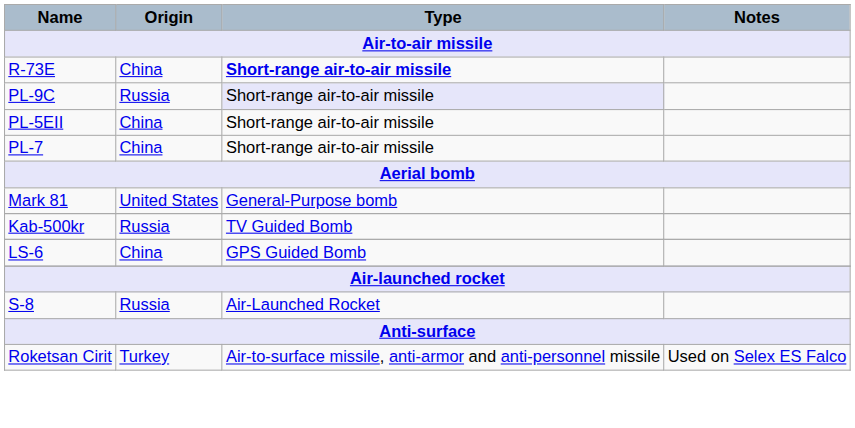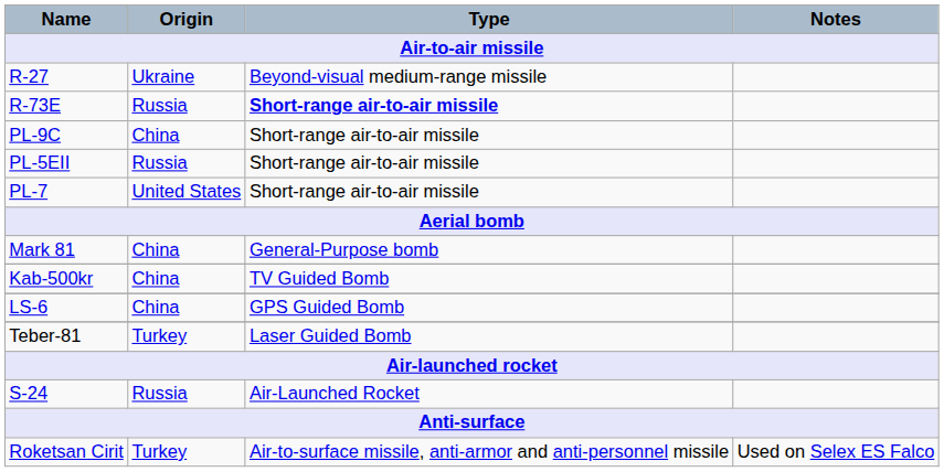 <table class="wikitable">
 <tr>
 <th style="text-align:center; background:#aabccc;">Name</th>
 <th style="text-align: center; background:#aabccc;">Origin</th>
 <th style="text-align:l center; background:#aabccc;">Type</th>
 <th style="text-align: center; background:#aabccc;">Notes</th>
 </tr>
 <tr>
 <th colspan="4" style="align: center; background: lavender;"><a href='#'>Air-to-air missile</a></th>
 </tr>
 <tr>
+<td><a href='#'>R-27</a></td>
+<td><a href='#'>Ukraine</a></td>
+<td><a href='#'>Beyond-visual</a> medium-range missile</td>
+<td></td>
+</tr>
+<tr>
 <td><a href='#'>R-73E</a></td>
-<td><a href='#'>China</a></td>
+<td><a href='#'>Russia</a></td>
 <td><strong><a href='#'>Short-range air-to-air missile</a></strong></td>
 <td></td>
 </tr>
 <tr>
 <td><a href='#'>PL-9C</a></td>
-<td><a href='#'>Russia</a></td>
-<td style="background: lavender;">Short-range air-to-air missile</td>
-<td></td>
-</tr>
-<tr>
-<td><a href='#'>PL-5EII</a></td>
 <td><a href='#'>China</a></td>
 <td>Short-range air-to-air missile</td>
 <td></td>
 </tr>
 <tr>
+<td><a href='#'>PL-5EII</a></td>
+<td><a href='#'>Russia</a></td>
+<td>Short-range air-to-air missile</td>
+<td></td>
+</tr>
+<tr>
 <td><a href='#'>PL-7</a></td>
-<td><a href='#'>China</a></td>
+<td><a href='#'>United States</a></td>
 <td>Short-range air-to-air missile</td>
 <td></td>
 </tr>
 <tr>
 <th colspan="4" style="align: center; background: lavender;"><a href='#'>Aerial bomb</a></th>
 </tr>
 <tr>
 <td><a href='#'>Mark 81</a></td>
-<td><a href='#'>United States</a></td>
+<td><a href='#'>China</a></td>
 <td><a href='#'>General-Purpose bomb</a></td>
 <td></td>
 </tr>
 <tr>
 </tr>
 <tr>
 <td><a href='#'>Kab-500kr</a></td>
-<td><a href='#'>Russia</a></td>
+<td><a href='#'>China</a></td>
 <td><a href='#'>TV Guided Bomb</a></td>
 <td></td>
 </tr>
 <tr>
 </tr>
 <tr>
 <td><a href='#'>LS-6</a></td>
 <td><a href='#'>China</a></td>
 <td><a href='#'>GPS Guided Bomb</a></td>
 <td></td>
 </tr>
 <tr>
 </tr>
 <tr>
+<td>Teber-81</td>
+<td><a href='#'>Turkey</a></td>
+<td><a href='#'>Laser Guided Bomb</a></td>
+<td><br></td>
+</tr>
+<tr>
 <th colspan="4" style="align: center; background: lavender;"><a href='#'>Air-launched rocket</a></th>
 </tr>
 <tr>
-<td><a href='#'>S-8</a></td>
+<td><a href='#'>S-24</a></td>
 <td><a href='#'>Russia</a></td>
 <td><a href='#'>Air-Launched Rocket</a></td>
 <td></td>
 </tr>
 <tr>
 <th colspan="4" style="align: center; background: lavender;"><a href='#'>Anti-surface</a></th>
 </tr>
 <tr>
 <td><a href='#'>Roketsan Cirit</a></td>
 <td><a href='#'>Turkey</a></td>
 <td><a href='#'>Air-to-surface missile</a>, <a href='#'>anti-armor</a> and <a href='#'>anti-personnel</a> missile</td>
 <td>Used on <a href='#'>Selex ES Falco</a></td>
 </tr>
 </table>
